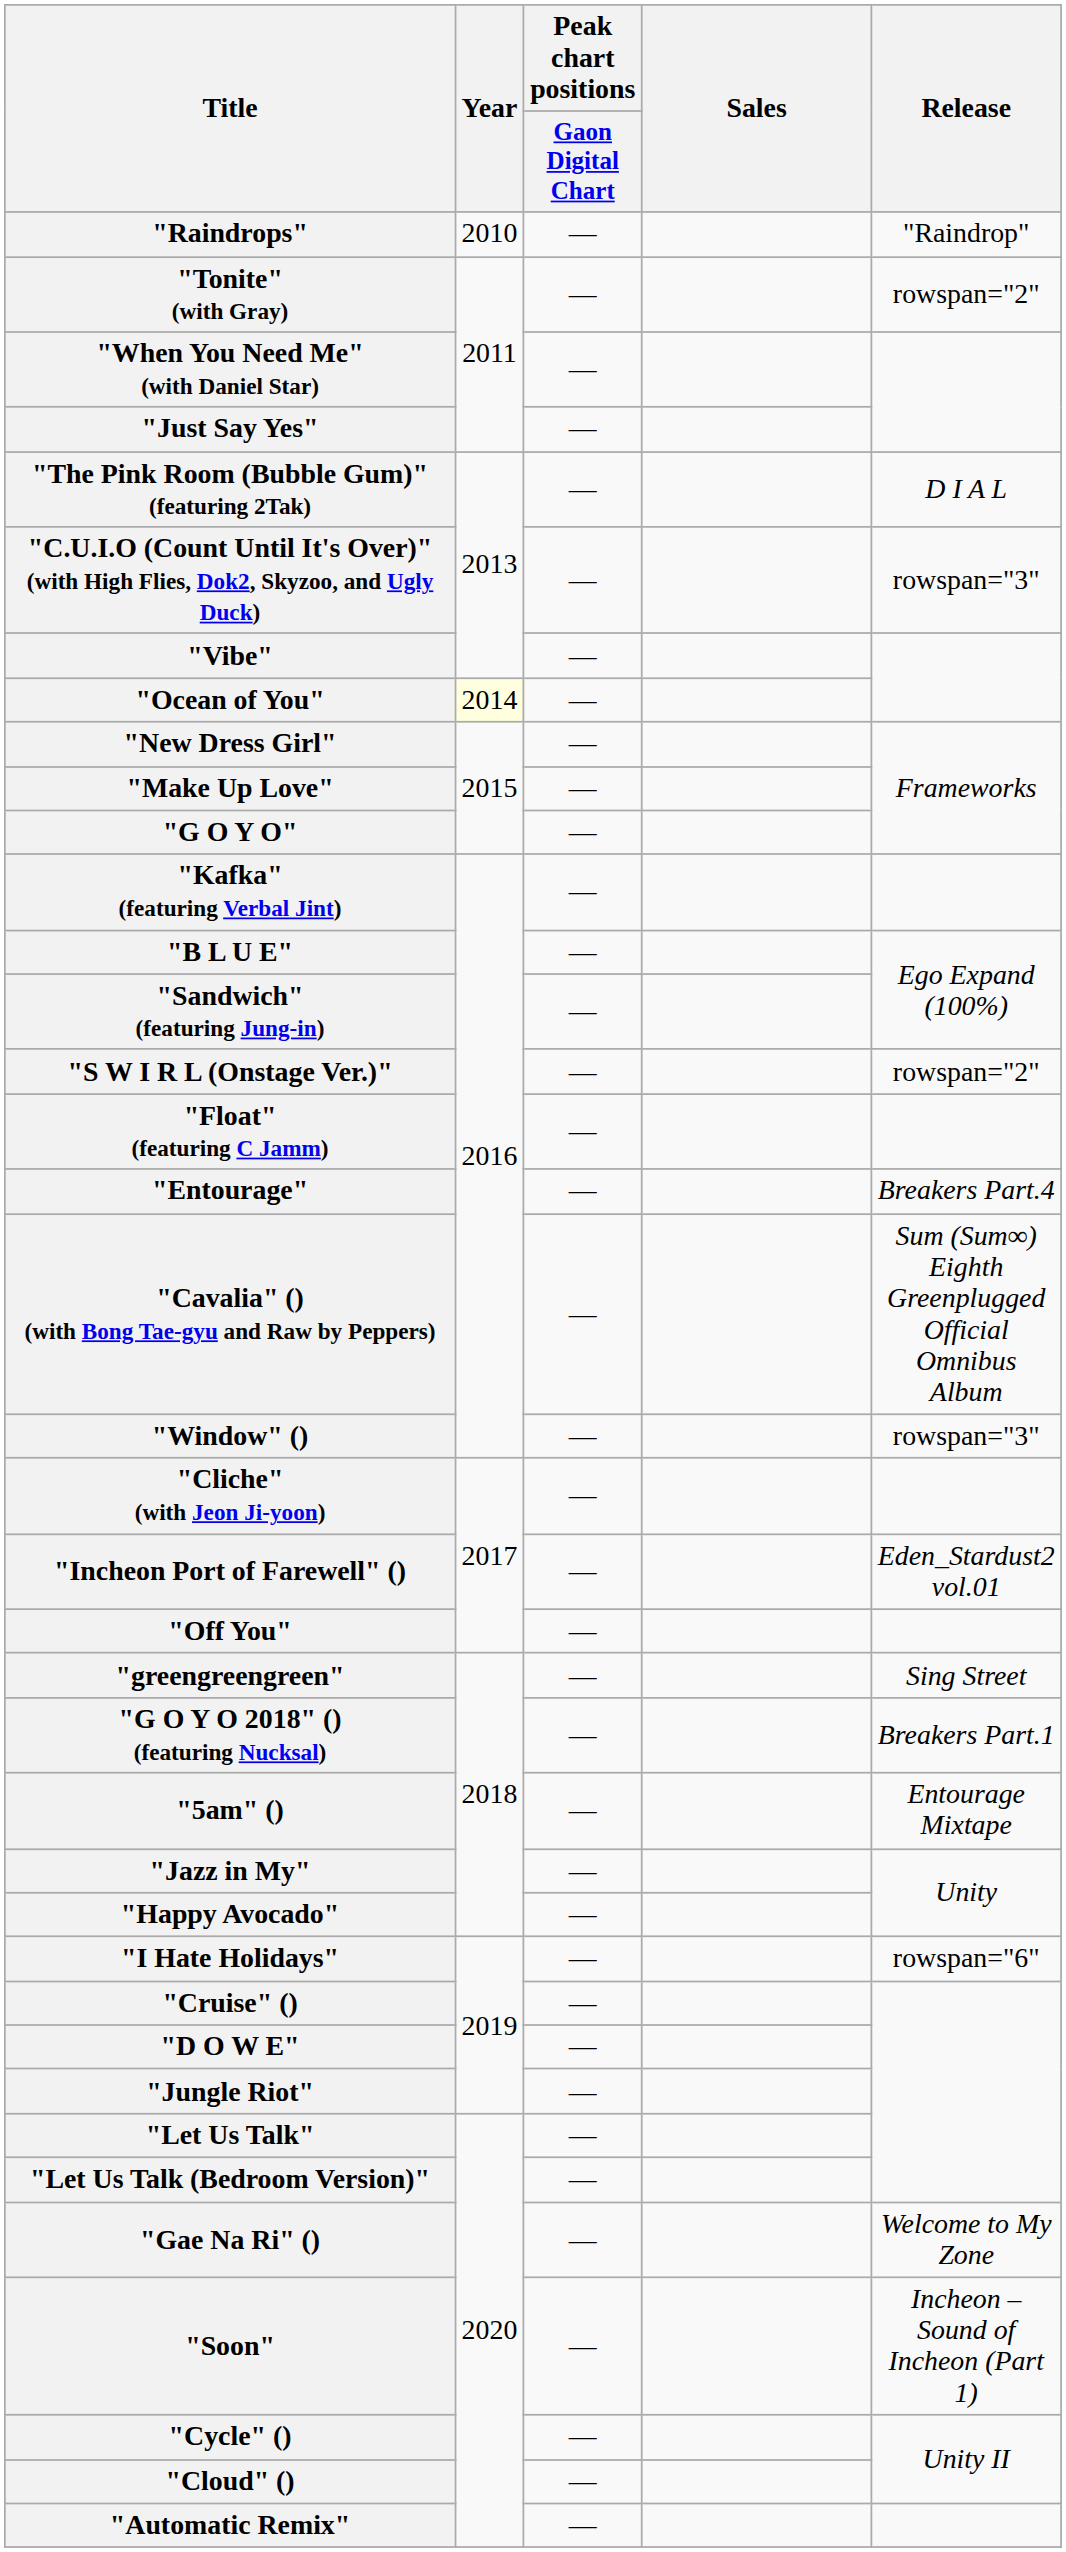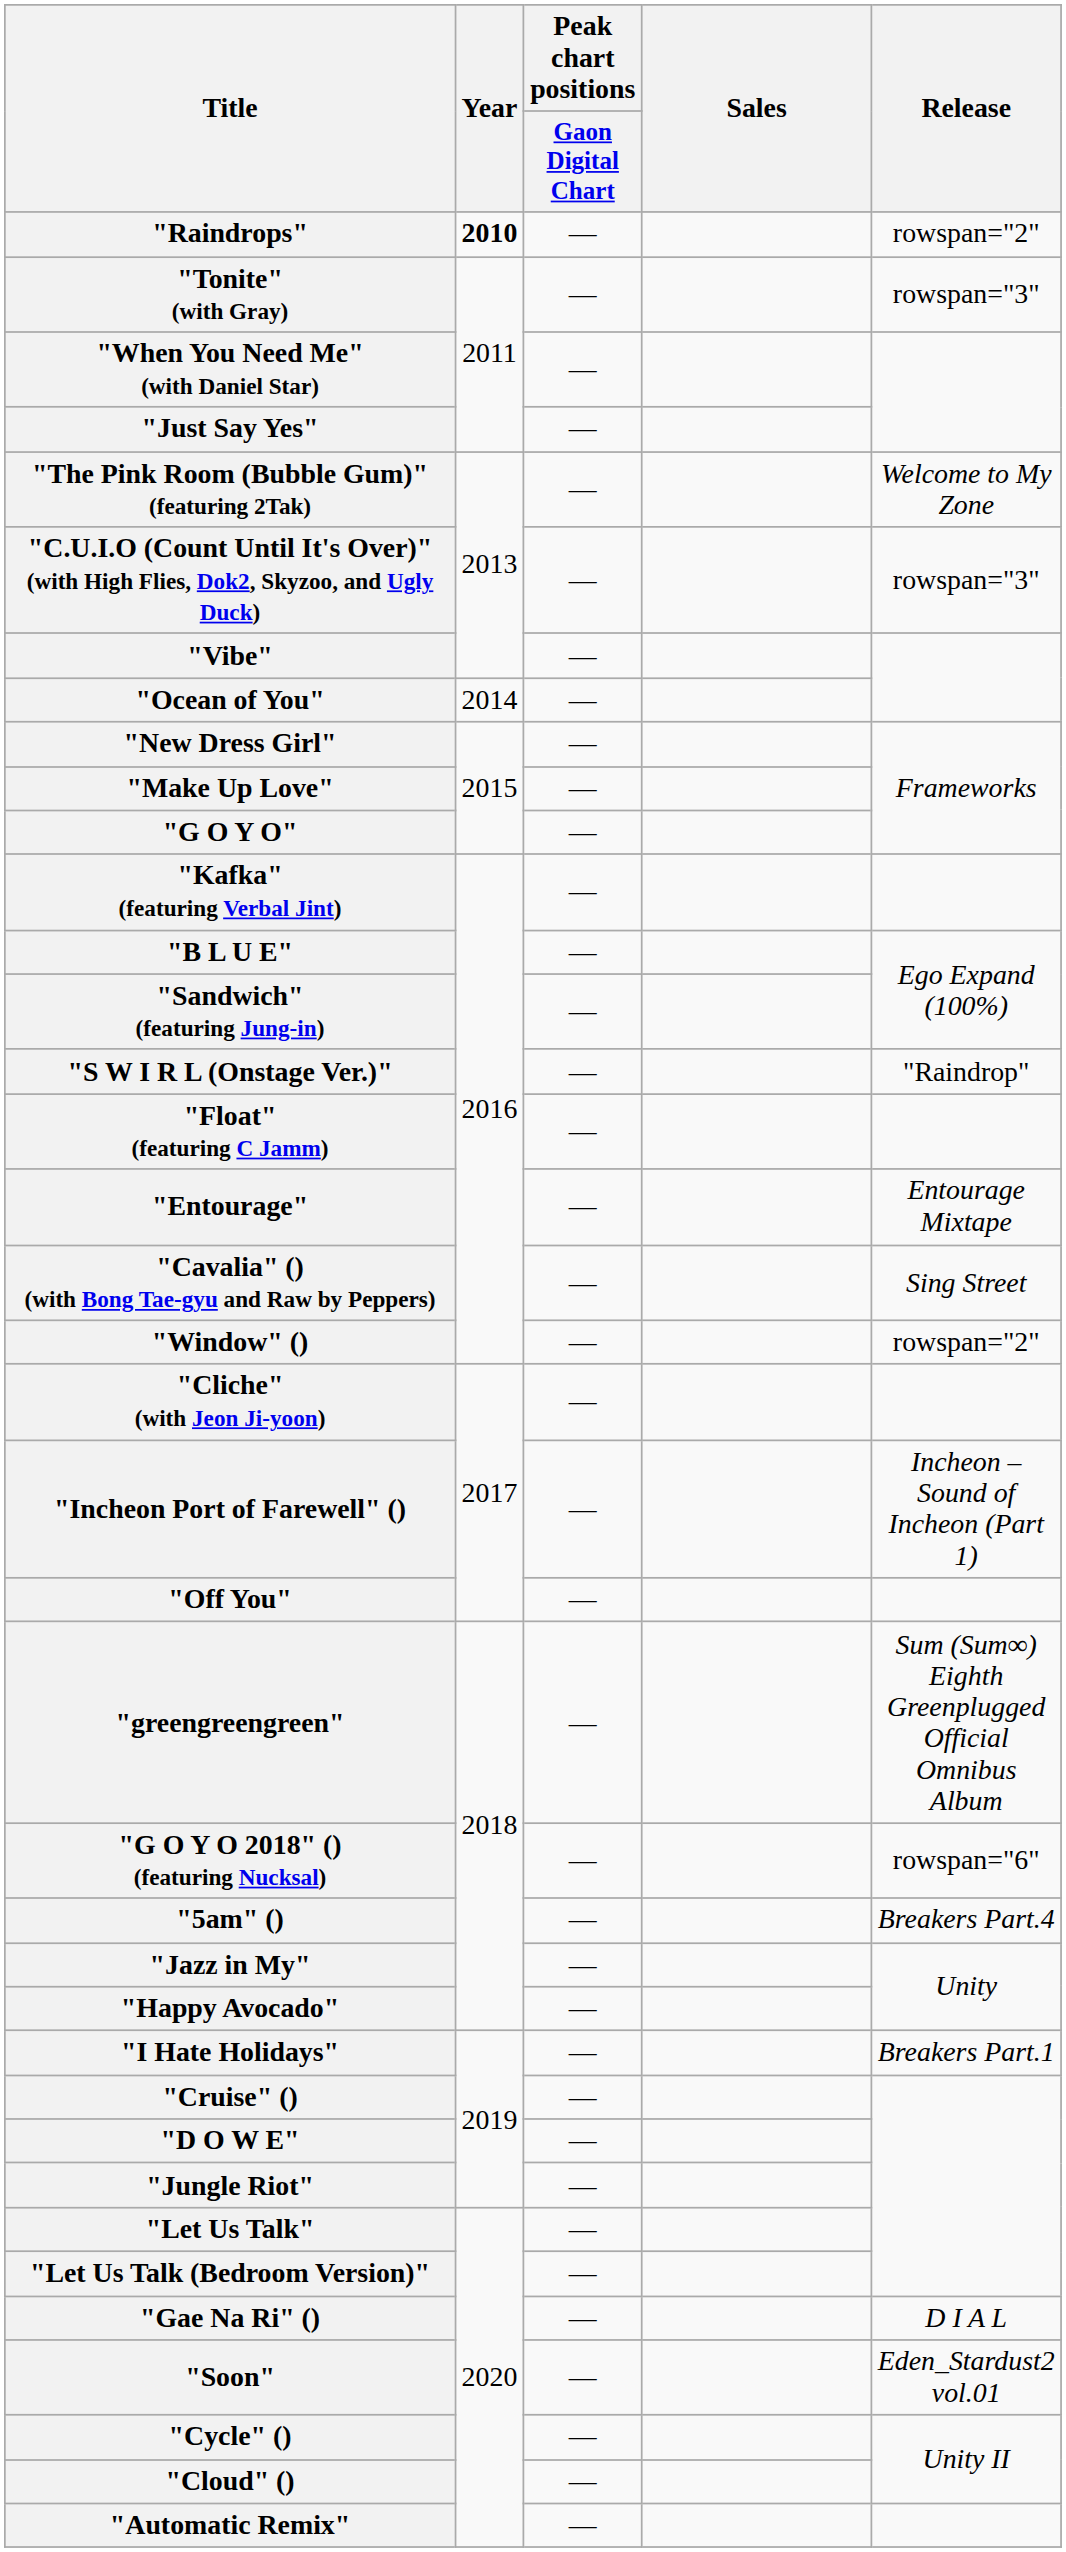 <table class="wikitable plainrowheaders" style="text-align:center;" border="1">
 <tr>
 <th scope="col" rowspan="2" style="width:16em;">Title</th>
 <th scope="col" rowspan="2">Year</th>
 <th scope="col">Peak chart positions</th>
 <th scope="col" rowspan="2" style="width:8em;">Sales</th>
 <th scope="col" rowspan="2">Release</th>
 </tr>
 <tr>
 <th scope="col" style="width:3em;font-size:90%;"><a href='#'>Gaon Digital Chart</a></th>
 </tr>
 <tr>
 <th scope="row">"Raindrops"</th>
-<td>2010</td>
+<td><strong>2010</strong></td>
 <td>—</td>
 <td></td>
-<td>"Raindrop"</td>
+<td>rowspan="2" </td>
 </tr>
 <tr>
 <th scope="row">"Tonite"<br><small>(with Gray)</small></th>
 <td rowspan="3">2011</td>
 <td>—</td>
 <td></td>
-<td>rowspan="2" </td>
+<td>rowspan="3" </td>
 </tr>
 <tr>
 <th scope="row">"When You Need Me"<br><small>(with Daniel Star)</small></th>
 <td>—</td>
 <td></td>
 </tr>
 <tr>
 <th scope="row">"Just Say Yes"</th>
 <td>—</td>
 <td></td>
 </tr>
 <tr>
 <th scope="row">"The Pink Room (Bubble Gum)"<br><small>(featuring 2Tak)</small></th>
 <td rowspan="3">2013</td>
 <td>—</td>
 <td></td>
-<td><em>D I A L</em></td>
+<td><em>Welcome to My Zone</em></td>
 </tr>
 <tr>
 <th scope="row">"C.U.I.O (Count Until It's Over)"<br><small>(with High Flies, <a href='#'>Dok2</a>, Skyzoo, and <a href='#'>Ugly Duck</a>)</small></th>
 <td>—</td>
 <td></td>
 <td>rowspan="3" </td>
 </tr>
 <tr>
 <th scope="row">"Vibe"</th>
 <td>—</td>
 <td></td>
 </tr>
 <tr>
 <th scope="row">"Ocean of You"</th>
-<td style="background: lightyellow;">2014</td>
+<td>2014</td>
 <td>—</td>
 <td></td>
 </tr>
 <tr>
 <th scope="row">"New Dress Girl"</th>
 <td rowspan="3">2015</td>
 <td>—</td>
 <td></td>
 <td rowspan="3"><em>Frameworks</em></td>
 </tr>
 <tr>
 <th scope="row">"Make Up Love"</th>
 <td>—</td>
 <td></td>
 </tr>
 <tr>
 <th scope="row">"G O Y O"</th>
 <td>—</td>
 <td></td>
 </tr>
 <tr>
 <th scope="row">"Kafka"<br><small>(featuring <a href='#'>Verbal Jint</a>)</small></th>
 <td rowspan="8">2016</td>
 <td>—</td>
 <td></td>
 <td></td>
 </tr>
 <tr>
 <th scope="row">"B L U E"</th>
 <td>—</td>
 <td></td>
 <td rowspan="2"><em>Ego Expand (100%)</em></td>
 </tr>
 <tr>
 <th scope="row">"Sandwich"<br><small>(featuring <a href='#'>Jung-in</a>)</small></th>
 <td>—</td>
 <td></td>
 </tr>
 <tr>
 <th scope="row">"S W I R L (Onstage Ver.)"</th>
 <td>—</td>
 <td></td>
-<td>rowspan="2" </td>
+<td>"Raindrop"</td>
 </tr>
 <tr>
 <th scope="row">"Float"<br><small>(featuring <a href='#'>C Jamm</a>)</small></th>
 <td>—</td>
 <td></td>
 </tr>
 <tr>
 <th scope="row">"Entourage"</th>
 <td>—</td>
 <td></td>
-<td><em>Breakers Part.4</em></td>
+<td><em>Entourage Mixtape</em></td>
 </tr>
 <tr>
 <th scope="row">"Cavalia" ()<br><small>(with <a href='#'>Bong Tae-gyu</a> and Raw by Peppers)</small></th>
 <td>—</td>
 <td></td>
-<td><em>Sum (Sum∞) Eighth Greenplugged Official Omnibus Album</em></td>
+<td><em>Sing Street</em></td>
 </tr>
 <tr>
 <th scope="row">"Window" ()</th>
 <td>—</td>
 <td></td>
-<td>rowspan="3" </td>
+<td>rowspan="2" </td>
 </tr>
 <tr>
 <th scope="row">"Cliche"<br><small>(with <a href='#'>Jeon Ji-yoon</a>)</small></th>
 <td rowspan="3">2017</td>
 <td>—</td>
 <td></td>
 </tr>
 <tr>
 <th scope="row">"Incheon Port of Farewell" ()</th>
 <td>—</td>
 <td></td>
-<td><em>Eden_Stardust2 vol.01</em></td>
+<td><em>Incheon – Sound of Incheon (Part 1)</em></td>
 </tr>
 <tr>
 <th scope="row">"Off You"</th>
 <td>—</td>
 <td></td>
 <td></td>
 </tr>
 <tr>
 <th scope="row">"greengreengreen"</th>
 <td rowspan="5">2018</td>
 <td>—</td>
 <td></td>
-<td><em>Sing Street</em></td>
+<td><em>Sum (Sum∞) Eighth Greenplugged Official Omnibus Album</em></td>
 </tr>
 <tr>
 <th scope="row">"G O Y O 2018" ()<br><small>(featuring <a href='#'>Nucksal</a>)</small></th>
 <td>—</td>
 <td></td>
-<td><em>Breakers Part.1</em></td>
+<td>rowspan="6" </td>
 </tr>
 <tr>
 <th scope="row">"5am" ()</th>
 <td>—</td>
 <td></td>
-<td><em>Entourage Mixtape</em></td>
+<td><em>Breakers Part.4</em></td>
 </tr>
 <tr>
 <th scope="row">"Jazz in My"</th>
 <td>—</td>
 <td></td>
 <td rowspan="2"><em>Unity</em></td>
 </tr>
 <tr>
 <th scope="row">"Happy Avocado"</th>
 <td>—</td>
 <td></td>
 </tr>
 <tr>
 <th scope="row">"I Hate Holidays"</th>
 <td rowspan="4">2019</td>
 <td>—</td>
 <td></td>
-<td>rowspan="6" </td>
+<td><em>Breakers Part.1</em></td>
 </tr>
 <tr>
 <th scope="row">"Cruise" ()</th>
 <td>—</td>
 <td></td>
 </tr>
 <tr>
 <th scope="row">"D O W E"</th>
 <td>—</td>
 <td></td>
 </tr>
 <tr>
 <th scope="row">"Jungle Riot"</th>
 <td>—</td>
 <td></td>
 </tr>
 <tr>
 <th scope="row">"Let Us Talk"</th>
 <td rowspan="7">2020</td>
 <td>—</td>
 <td></td>
 </tr>
 <tr>
 <th scope="row">"Let Us Talk (Bedroom Version)"</th>
 <td>—</td>
 <td></td>
 </tr>
 <tr>
 <th scope="row">"Gae Na Ri" ()</th>
 <td>—</td>
 <td></td>
-<td><em>Welcome to My Zone</em></td>
+<td><em>D I A L</em></td>
 </tr>
 <tr>
 <th scope="row">"Soon"<br></th>
 <td>—</td>
 <td></td>
-<td><em>Incheon – Sound of Incheon (Part 1)</em></td>
+<td><em>Eden_Stardust2 vol.01</em></td>
 </tr>
 <tr>
 <th scope="row">"Cycle" ()</th>
 <td>—</td>
 <td></td>
 <td rowspan="2"><em>Unity II</em></td>
 </tr>
 <tr>
 <th scope="row">"Cloud" ()</th>
 <td>—</td>
 <td></td>
 </tr>
 <tr>
 <th scope="row">"Automatic Remix"<br></th>
 <td>—</td>
 <td></td>
 <td></td>
 </tr>
 </table>
